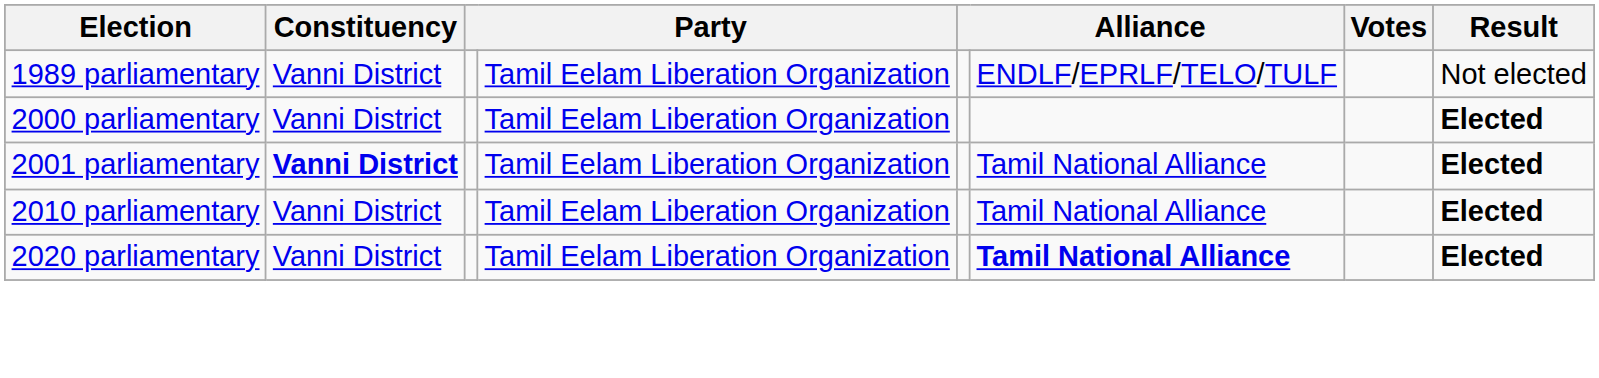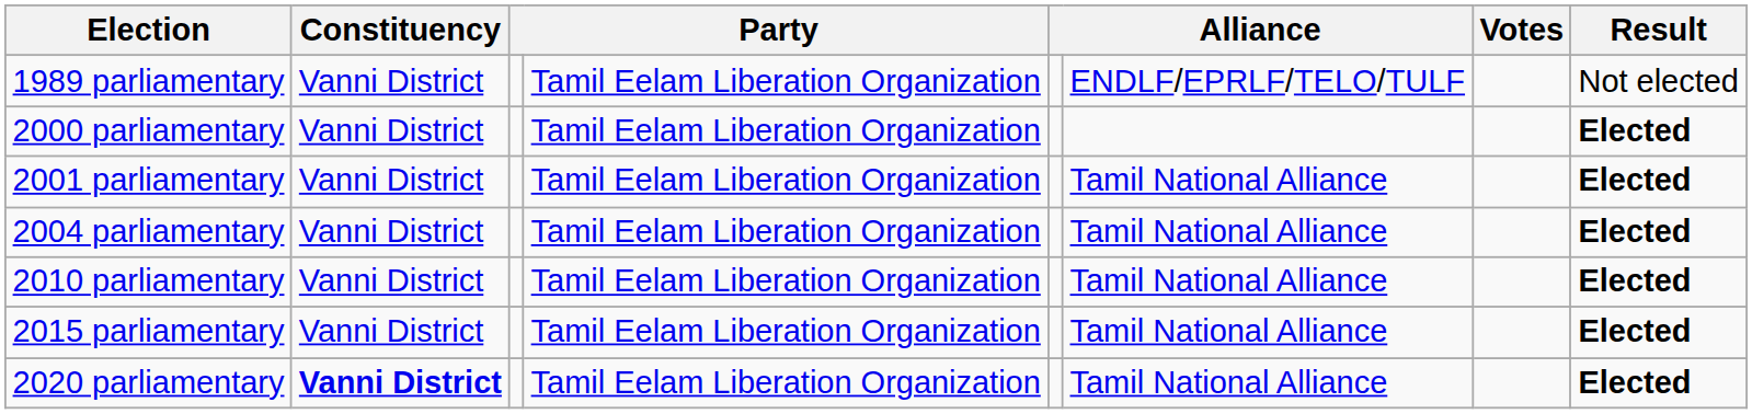 <table class="wikitable" style="text-align:left;">
 <tr>
 <th scope=col>Election</th>
 <th scope=col>Constituency</th>
 <th scope=col colspan="2">Party</th>
 <th scope=col colspan="2">Alliance</th>
 <th scope=col>Votes</th>
 <th scope=col>Result</th>
 </tr>
 <tr>
 <td><a href='#'>1989 parliamentary</a></td>
 <td><a href='#'>Vanni District</a></td>
 <td style="background:"></td>
 <td><a href='#'>Tamil Eelam Liberation Organization</a></td>
 <td style="background:"></td>
 <td><a href='#'>ENDLF</a>/<a href='#'>EPRLF</a>/<a href='#'>TELO</a>/<a href='#'>TULF</a></td>
 <td align=right></td>
 <td>Not elected</td>
 </tr>
 <tr>
 <td><a href='#'>2000 parliamentary</a></td>
 <td><a href='#'>Vanni District</a></td>
 <td style="background:"></td>
 <td><a href='#'>Tamil Eelam Liberation Organization</a></td>
 <td></td>
 <td></td>
 <td align=right></td>
 <td><strong>Elected</strong></td>
 </tr>
 <tr>
 <td><a href='#'>2001 parliamentary</a></td>
-<td><strong><a href='#'>Vanni District</a></strong></td>
+<td><a href='#'>Vanni District</a></td>
+<td style="background:"></td>
+<td><a href='#'>Tamil Eelam Liberation Organization</a></td>
+<td style="background:"></td>
+<td><a href='#'>Tamil National Alliance</a></td>
+<td align=right></td>
+<td><strong>Elected</strong></td>
+</tr>
+<tr>
+<td><a href='#'>2004 parliamentary</a></td>
+<td><a href='#'>Vanni District</a></td>
 <td style="background:"></td>
 <td><a href='#'>Tamil Eelam Liberation Organization</a></td>
 <td style="background:"></td>
 <td><a href='#'>Tamil National Alliance</a></td>
 <td align=right></td>
 <td><strong>Elected</strong></td>
 </tr>
 <tr>
 <td><a href='#'>2010 parliamentary</a></td>
 <td><a href='#'>Vanni District</a></td>
 <td style="background:"></td>
 <td><a href='#'>Tamil Eelam Liberation Organization</a></td>
 <td style="background:"></td>
 <td><a href='#'>Tamil National Alliance</a></td>
 <td align=right></td>
 <td><strong>Elected</strong></td>
 </tr>
 <tr>
-<td><a href='#'>2020 parliamentary</a></td>
+<td><a href='#'>2015 parliamentary</a></td>
 <td><a href='#'>Vanni District</a></td>
 <td style="background:"></td>
 <td><a href='#'>Tamil Eelam Liberation Organization</a></td>
 <td style="background:"></td>
-<td><strong><a href='#'>Tamil National Alliance</a></strong></td>
+<td><a href='#'>Tamil National Alliance</a></td>
+<td align=right></td>
+<td><strong>Elected</strong></td>
+</tr>
+<tr>
+<td><a href='#'>2020 parliamentary</a></td>
+<td><strong><a href='#'>Vanni District</a></strong></td>
+<td style="background:"></td>
+<td><a href='#'>Tamil Eelam Liberation Organization</a></td>
+<td style="background:"></td>
+<td><a href='#'>Tamil National Alliance</a></td>
 <td align=right></td>
 <td><strong>Elected</strong></td>
 </tr>
 </table>
